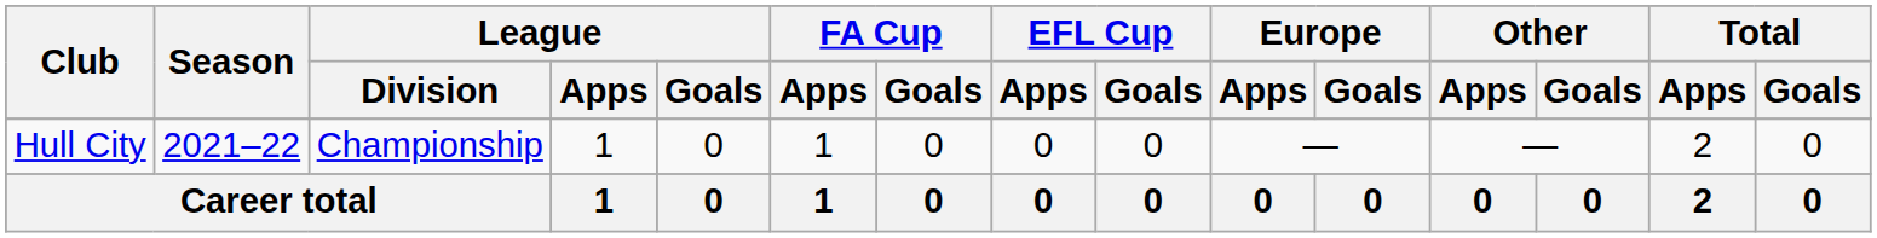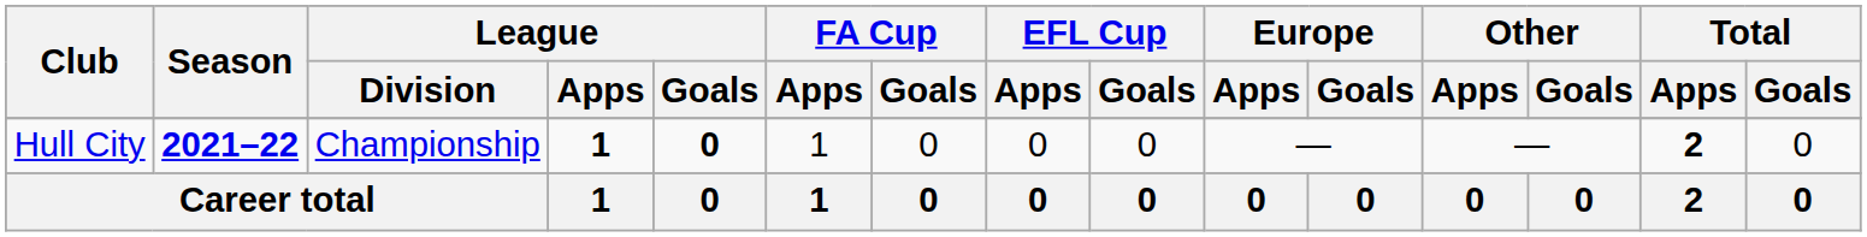 <table class=wikitable style=text-align:center>
 <tr>
 <th rowspan=2>Club</th>
 <th rowspan=2>Season</th>
 <th colspan=3>League</th>
 <th colspan=2><a href='#'>FA Cup</a></th>
 <th colspan=2><a href='#'>EFL Cup</a></th>
 <th colspan=2>Europe</th>
 <th colspan=2>Other</th>
 <th colspan=2>Total</th>
 </tr>
 <tr>
 <th>Division</th>
 <th>Apps</th>
 <th>Goals</th>
 <th>Apps</th>
 <th>Goals</th>
 <th>Apps</th>
 <th>Goals</th>
 <th>Apps</th>
 <th>Goals</th>
 <th>Apps</th>
 <th>Goals</th>
 <th>Apps</th>
 <th>Goals</th>
 </tr>
 <tr>
 </tr>
 <tr>
 <td><a href='#'>Hull City</a></td>
-<td><a href='#'>2021–22</a></td>
+<td><strong><a href='#'>2021–22</a></strong></td>
 <td><a href='#'>Championship</a></td>
-<td>1</td>
-<td>0</td>
+<td><strong>1</strong></td>
+<td><strong>0</strong></td>
 <td>1</td>
 <td>0</td>
 <td>0</td>
 <td>0</td>
 <td colspan="2">—</td>
 <td colspan=2>—</td>
-<td>2</td>
+<td><strong>2</strong></td>
 <td>0</td>
 </tr>
 <tr>
 <th colspan=3>Career total</th>
 <th>1</th>
 <th>0</th>
 <th>1</th>
 <th>0</th>
 <th>0</th>
 <th>0</th>
 <th>0</th>
 <th>0</th>
 <th>0</th>
 <th>0</th>
 <th>2</th>
 <th>0</th>
 </tr>
 </table>
